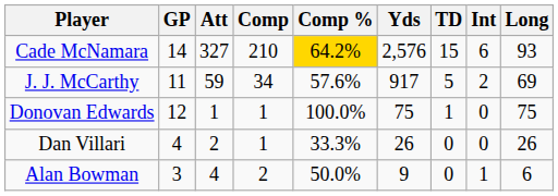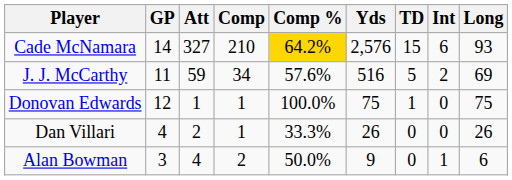 <table class="wikitable sortable sortable" style="text-align: center">
 <tr align=center>
 <th>Player</th>
 <th>GP</th>
 <th>Att</th>
 <th>Comp</th>
 <th>Comp %</th>
 <th>Yds</th>
 <th>TD</th>
 <th>Int</th>
 <th>Long</th>
 </tr>
 <tr>
 <td><a href='#'>Cade McNamara</a></td>
 <td>14</td>
 <td>327</td>
 <td>210</td>
 <td style="background: gold;">64.2%</td>
 <td>2,576</td>
 <td>15</td>
 <td>6</td>
 <td>93</td>
 </tr>
 <tr>
 <td><a href='#'>J. J. McCarthy</a></td>
 <td>11</td>
 <td>59</td>
 <td>34</td>
 <td>57.6%</td>
-<td>917</td>
+<td>516</td>
 <td>5</td>
 <td>2</td>
 <td>69</td>
 </tr>
 <tr>
 <td><a href='#'>Donovan Edwards</a></td>
 <td>12</td>
 <td>1</td>
 <td>1</td>
 <td>100.0%</td>
 <td>75</td>
 <td>1</td>
 <td>0</td>
 <td>75</td>
 </tr>
 <tr>
 <td>Dan Villari</td>
 <td>4</td>
 <td>2</td>
 <td>1</td>
 <td>33.3%</td>
 <td>26</td>
 <td>0</td>
 <td>0</td>
 <td>26</td>
 </tr>
 <tr>
 <td><a href='#'>Alan Bowman</a></td>
 <td>3</td>
 <td>4</td>
 <td>2</td>
 <td>50.0%</td>
 <td>9</td>
 <td>0</td>
 <td>1</td>
 <td>6</td>
 </tr>
 </table>
